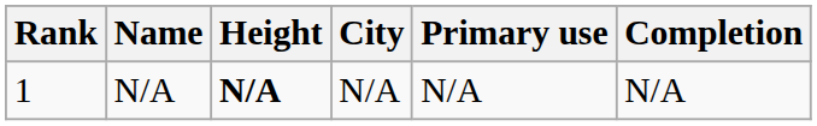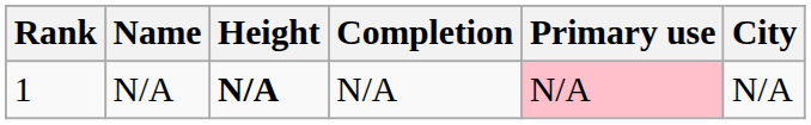 <table class="wikitable sortable">
 <tr>
 <th>Rank</th>
 <th>Name</th>
 <th>Height</th>
+<th>Completion</th>
+<th>Primary use</th>
 <th>City</th>
-<th>Primary use</th>
-<th>Completion</th>
 </tr>
 <tr>
 <td>1</td>
 <td>N/A</td>
 <td><strong>N/A</strong></td>
 <td>N/A</td>
-<td>N/A</td>
+<td style="background: pink;">N/A</td>
 <td>N/A</td>
 </tr>
 </table>
